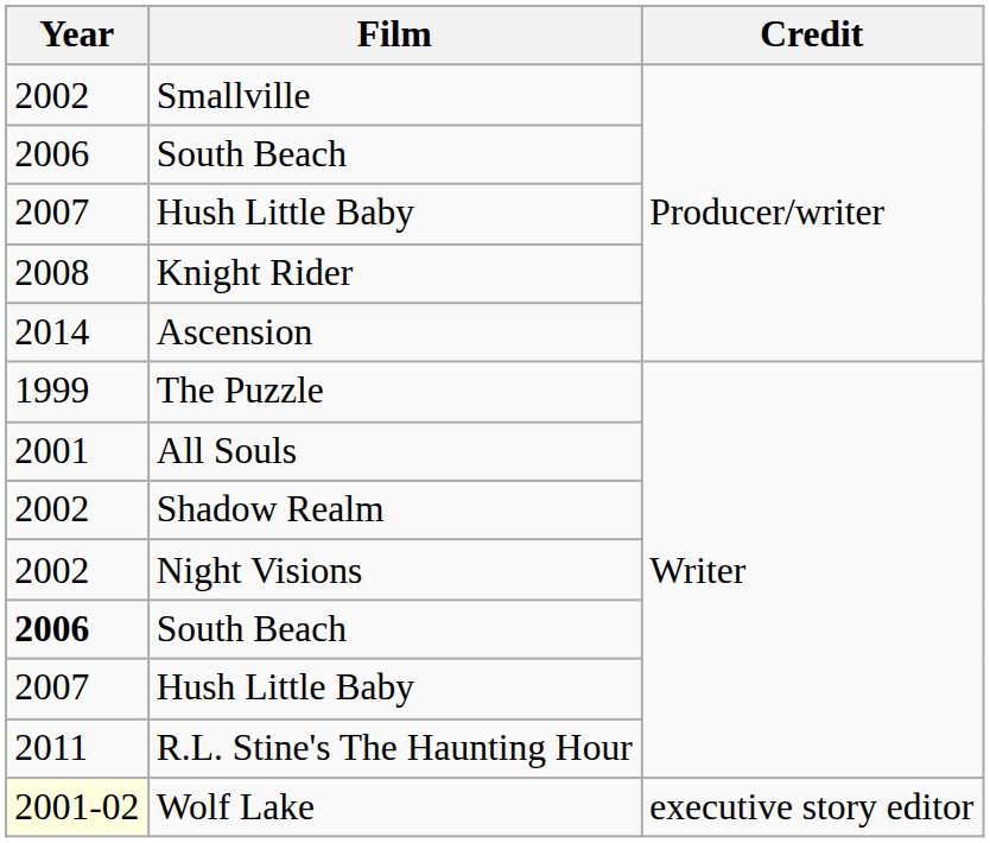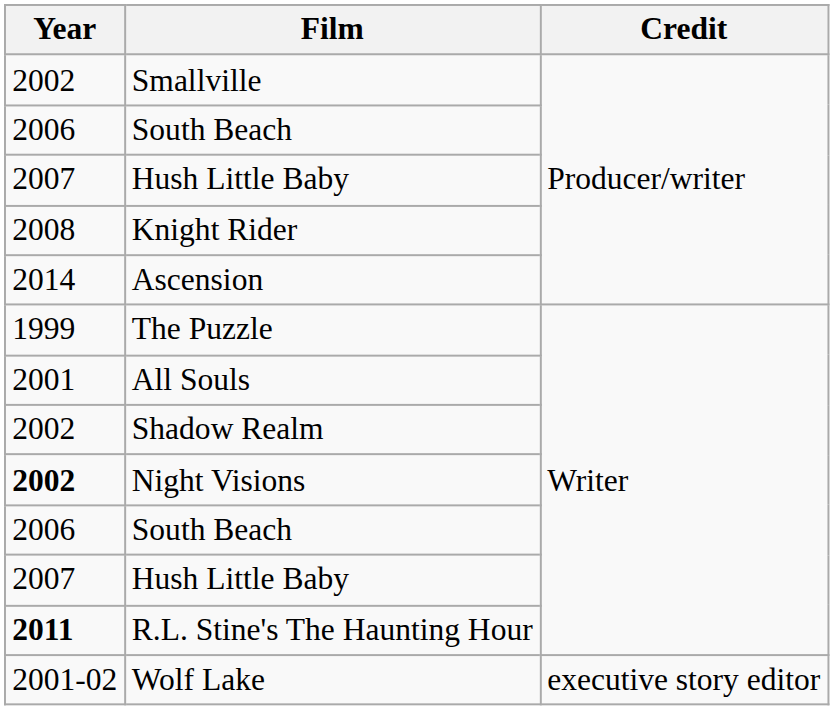 <table class="wikitable">
 <tr>
 <th>Year</th>
 <th>Film</th>
 <th>Credit</th>
 </tr>
 <tr>
 <td>2002</td>
 <td>Smallville</td>
 <td rowspan="5">Producer/writer</td>
 </tr>
 <tr>
 <td>2006</td>
 <td>South Beach</td>
 </tr>
 <tr>
 <td>2007</td>
 <td>Hush Little Baby</td>
 </tr>
 <tr>
 <td>2008</td>
 <td>Knight Rider</td>
 </tr>
 <tr>
 <td>2014</td>
 <td>Ascension</td>
 </tr>
 <tr>
 <td>1999</td>
 <td>The Puzzle</td>
 <td rowspan="7">Writer</td>
 </tr>
 <tr>
 <td>2001</td>
 <td>All Souls</td>
 </tr>
 <tr>
 <td>2002</td>
 <td>Shadow Realm</td>
 </tr>
 <tr>
-<td>2002</td>
+<td><strong>2002</strong></td>
 <td>Night Visions</td>
 </tr>
 <tr>
-<td><strong>2006</strong></td>
+<td>2006</td>
 <td>South Beach</td>
 </tr>
 <tr>
 <td>2007</td>
 <td>Hush Little Baby</td>
 </tr>
 <tr>
-<td>2011</td>
+<td><strong>2011</strong></td>
 <td>R.L. Stine's The Haunting Hour</td>
 </tr>
 <tr>
-<td style="background: lightyellow;">2001-02</td>
+<td>2001-02</td>
 <td>Wolf Lake</td>
 <td>executive story editor</td>
 </tr>
 </table>
